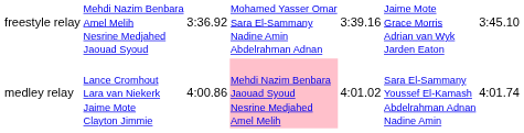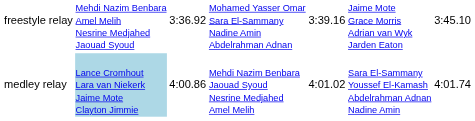 <table>
 <tr>
 <td> freestyle relay</td>
 <td><br><small><a href='#'>Mehdi Nazim Benbara</a><br><a href='#'>Amel Melih</a><br><a href='#'>Nesrine Medjahed</a><br><a href='#'>Jaouad Syoud</a></small></td>
 <td>3:36.92</td>
 <td><br><small><a href='#'>Mohamed Yasser Omar</a><br><a href='#'>Sara El-Sammany</a><br><a href='#'>Nadine Amin</a><br><a href='#'>Abdelrahman Adnan</a></small></td>
 <td>3:39.16</td>
 <td><br><small><a href='#'>Jaime Mote</a><br><a href='#'>Grace Morris</a><br><a href='#'>Adrian van Wyk</a><br><a href='#'>Jarden Eaton</a></small></td>
 <td>3:45.10</td>
 </tr>
 <tr>
 <td> medley relay</td>
-<td><br><small><a href='#'>Lance Cromhout</a><br><a href='#'>Lara van Niekerk</a><br><a href='#'>Jaime Mote</a><br><a href='#'>Clayton Jimmie</a></small></td>
+<td style="background: lightblue;"><br><small><a href='#'>Lance Cromhout</a><br><a href='#'>Lara van Niekerk</a><br><a href='#'>Jaime Mote</a><br><a href='#'>Clayton Jimmie</a></small></td>
 <td>4:00.86</td>
-<td style="background: pink;"><br><small><a href='#'>Mehdi Nazim Benbara</a><br><a href='#'>Jaouad Syoud</a><br><a href='#'>Nesrine Medjahed</a><br><a href='#'>Amel Melih</a></small></td>
+<td><br><small><a href='#'>Mehdi Nazim Benbara</a><br><a href='#'>Jaouad Syoud</a><br><a href='#'>Nesrine Medjahed</a><br><a href='#'>Amel Melih</a></small></td>
 <td>4:01.02</td>
 <td><br><small><a href='#'>Sara El-Sammany</a><br><a href='#'>Youssef El-Kamash</a><br><a href='#'>Abdelrahman Adnan</a><br><a href='#'>Nadine Amin</a></small></td>
 <td>4:01.74</td>
 </tr>
 </table>
